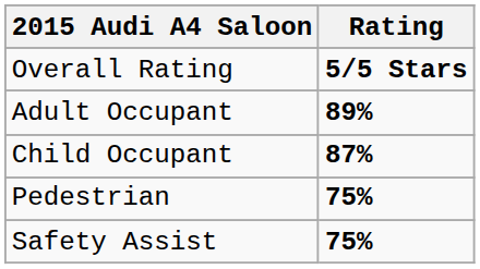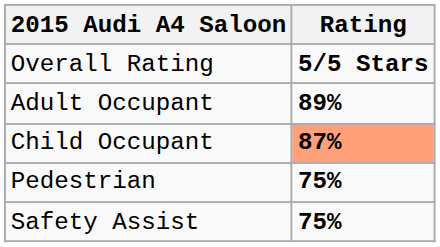 <table class="wikitable">
 <tr>
 <th>2015 Audi A4 Saloon</th>
 <th>Rating</th>
 </tr>
 <tr>
 <td>Overall Rating</td>
 <td><strong>5/5 Stars</strong></td>
 </tr>
 <tr>
 <td>Adult Occupant</td>
 <td><strong>89%</strong></td>
 </tr>
 <tr>
 <td>Child Occupant</td>
-<td><strong>87%</strong></td>
+<td style="background: lightsalmon;"><strong>87%</strong></td>
 </tr>
 <tr>
 <td>Pedestrian</td>
 <td><strong>75%</strong></td>
 </tr>
 <tr>
 <td>Safety Assist</td>
 <td><strong>75%</strong></td>
 </tr>
 </table>
